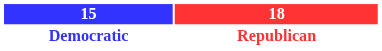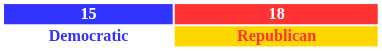 <table style="width:60%">
 <tr>
 <td colspan="3" style="text-align:center"></td>
 </tr>
 <tr>
 <td style="background:#3333FF; width:45.45%; text-align:center; color:white"><strong>15</strong></td>
 <td style="background:#FF3333; width:54.55%; text-align:center; color:white"><strong>18</strong></td>
 </tr>
 <tr>
 <td style="text-align:center; color:#3333FF"><strong>Democratic</strong></td>
-<td style="text-align:center; color:#FF3333"><strong>Republican</strong></td>
+<td style="background: gold; text-align:center; color:#FF3333"><strong>Republican</strong></td>
 </tr>
 </table>
